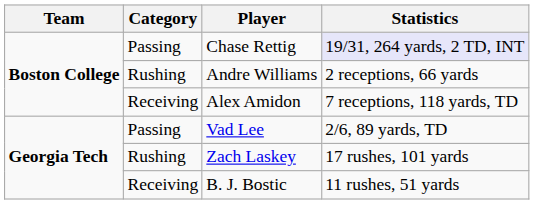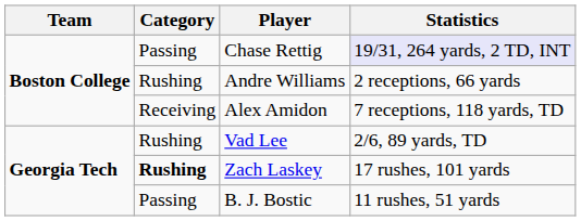 <table class="wikitable" style="float: left;">
 <tr>
 <th>Team</th>
 <th>Category</th>
 <th>Player</th>
 <th>Statistics</th>
 </tr>
 <tr>
 <td rowspan=3><strong>Boston College</strong></td>
 <td>Passing</td>
 <td>Chase Rettig</td>
 <td style="background: lavender;">19/31, 264 yards, 2 TD, INT</td>
 </tr>
 <tr>
 <td>Rushing</td>
 <td>Andre Williams</td>
 <td>2 receptions, 66 yards</td>
 </tr>
 <tr>
 <td>Receiving</td>
 <td>Alex Amidon</td>
 <td>7 receptions, 118 yards, TD</td>
 </tr>
 <tr>
 <td rowspan=3><strong>Georgia Tech</strong></td>
-<td>Passing</td>
+<td>Rushing</td>
 <td><a href='#'>Vad Lee</a></td>
 <td>2/6, 89 yards, TD</td>
 </tr>
 <tr>
-<td>Rushing</td>
+<td><strong>Rushing</strong></td>
 <td><a href='#'>Zach Laskey</a></td>
 <td>17 rushes, 101 yards</td>
 </tr>
 <tr>
-<td>Receiving</td>
+<td>Passing</td>
 <td>B. J. Bostic</td>
 <td>11 rushes, 51 yards</td>
 </tr>
 </table>
